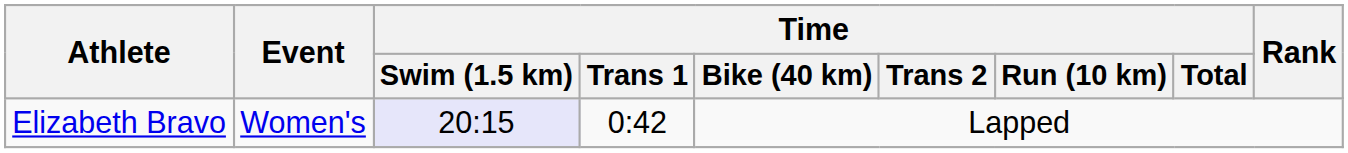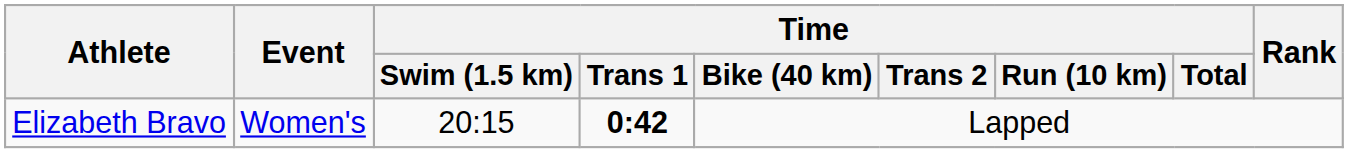 <table class="wikitable" style="font-size:90%">
 <tr>
 <th rowspan=2>Athlete</th>
 <th rowspan=2>Event</th>
 <th colspan=6>Time</th>
 <th rowspan=2>Rank</th>
 </tr>
 <tr style="font-size:95%">
 <th>Swim (1.5 km)</th>
 <th>Trans 1</th>
 <th>Bike (40 km)</th>
 <th>Trans 2</th>
 <th>Run (10 km)</th>
 <th>Total</th>
 </tr>
 <tr align=center>
 <td align=left><a href='#'>Elizabeth Bravo</a></td>
 <td align=left rowspan=2><a href='#'>Women's</a></td>
-<td style="background: lavender;">20:15</td>
-<td>0:42</td>
+<td>20:15</td>
+<td><strong>0:42</strong></td>
 <td colspan="5">Lapped</td>
 </tr>
 </table>
